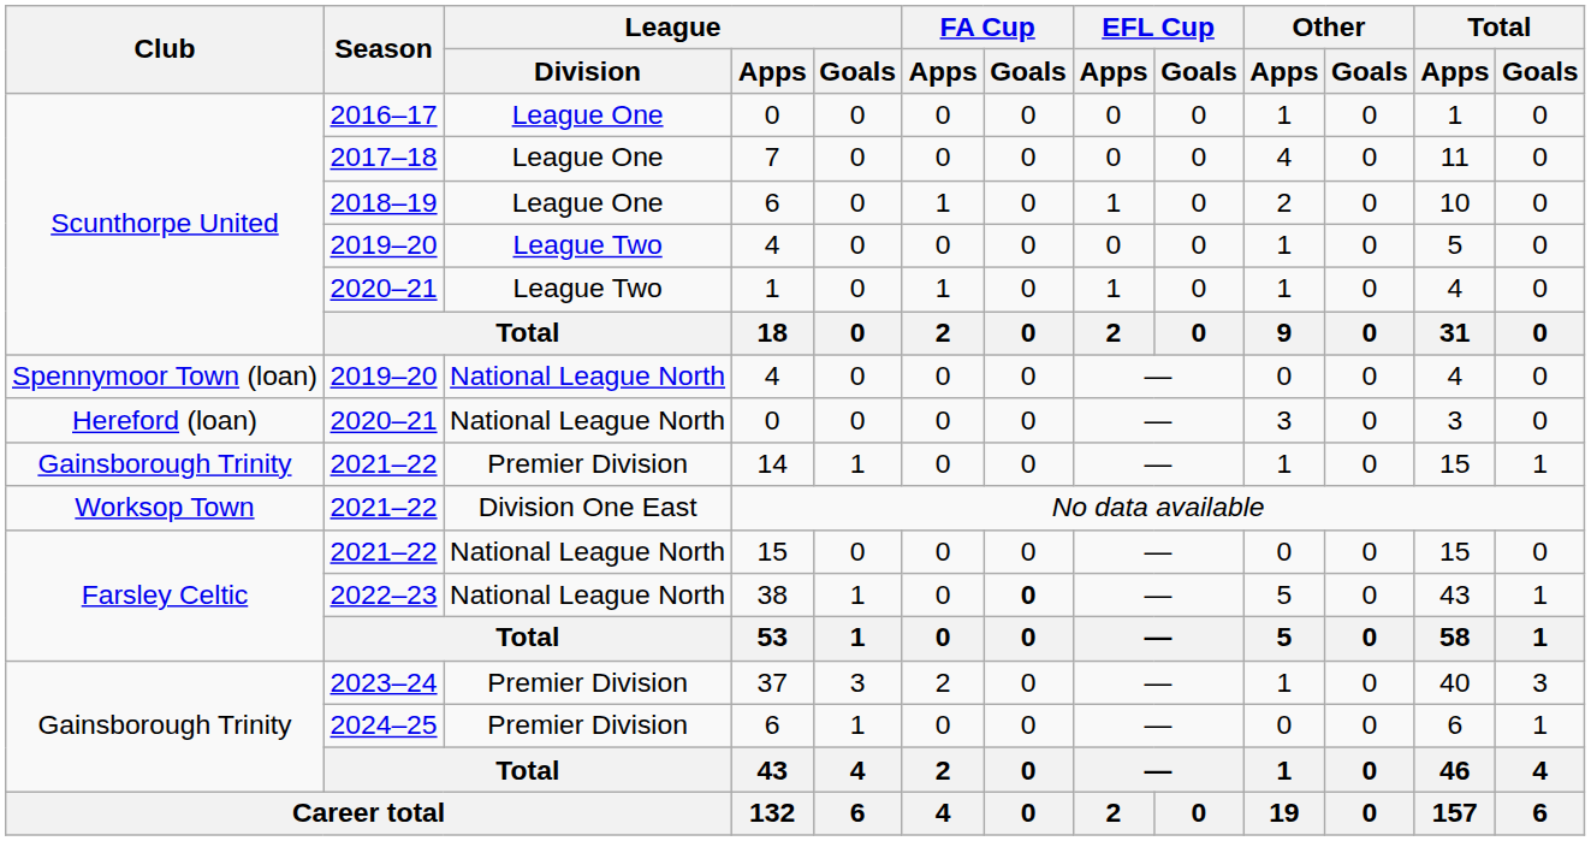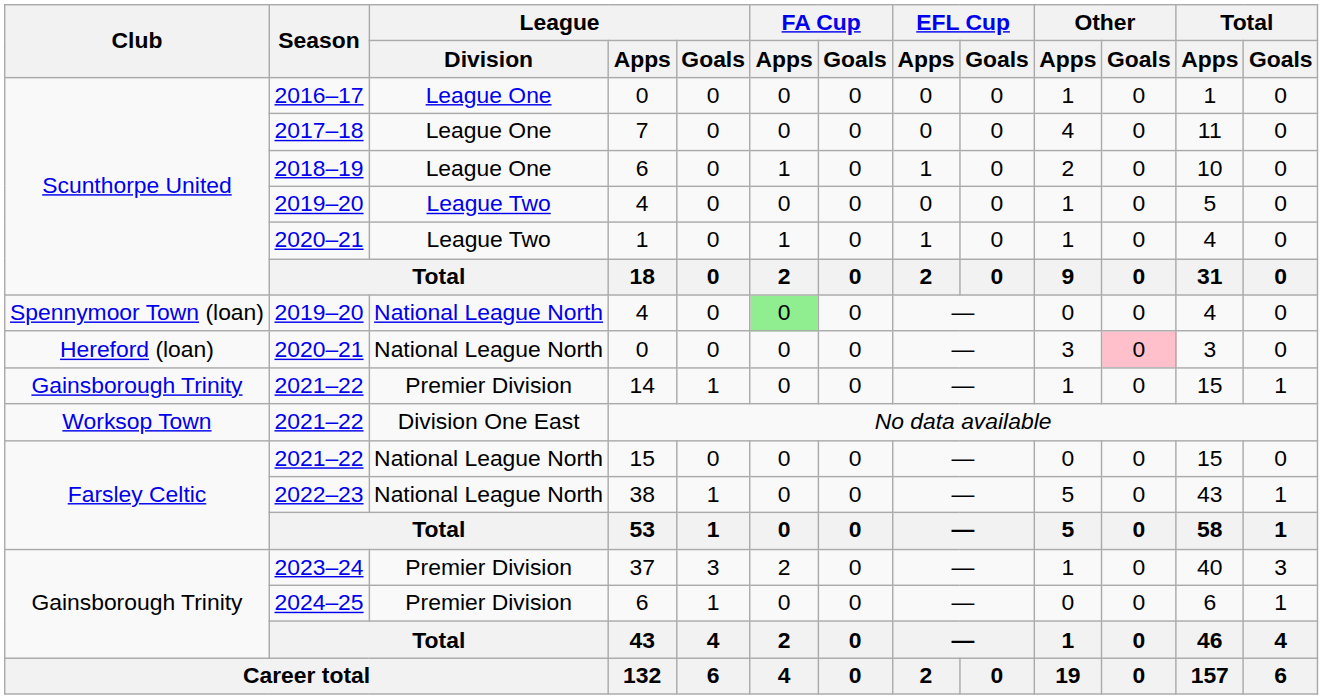 <table class="wikitable" style="text-align: center;">
 <tr>
 <th rowspan="2">Club</th>
 <th rowspan="2">Season</th>
 <th colspan="3">League</th>
 <th colspan="2"><a href='#'>FA Cup</a></th>
 <th colspan="2"><a href='#'>EFL Cup</a></th>
 <th colspan="2">Other</th>
 <th colspan="2">Total</th>
 </tr>
 <tr>
 <th>Division</th>
 <th>Apps</th>
 <th>Goals</th>
 <th>Apps</th>
 <th>Goals</th>
 <th>Apps</th>
 <th>Goals</th>
 <th>Apps</th>
 <th>Goals</th>
 <th>Apps</th>
 <th>Goals</th>
 </tr>
 <tr>
 <td rowspan=6><a href='#'>Scunthorpe United</a></td>
 <td><a href='#'>2016–17</a></td>
 <td><a href='#'>League One</a></td>
 <td>0</td>
 <td>0</td>
 <td>0</td>
 <td>0</td>
 <td>0</td>
 <td>0</td>
 <td>1</td>
 <td>0</td>
 <td>1</td>
 <td>0</td>
 </tr>
 <tr>
 <td><a href='#'>2017–18</a></td>
 <td>League One</td>
 <td>7</td>
 <td>0</td>
 <td>0</td>
 <td>0</td>
 <td>0</td>
 <td>0</td>
 <td>4</td>
 <td>0</td>
 <td>11</td>
 <td>0</td>
 </tr>
 <tr>
 <td><a href='#'>2018–19</a></td>
 <td>League One</td>
 <td>6</td>
 <td>0</td>
 <td>1</td>
 <td>0</td>
 <td>1</td>
 <td>0</td>
 <td>2</td>
 <td>0</td>
 <td>10</td>
 <td>0</td>
 </tr>
 <tr>
 <td><a href='#'>2019–20</a></td>
 <td><a href='#'>League Two</a></td>
 <td>4</td>
 <td>0</td>
 <td>0</td>
 <td>0</td>
 <td>0</td>
 <td>0</td>
 <td>1</td>
 <td>0</td>
 <td>5</td>
 <td>0</td>
 </tr>
 <tr>
 <td><a href='#'>2020–21</a></td>
 <td>League Two</td>
 <td>1</td>
 <td>0</td>
 <td>1</td>
 <td>0</td>
 <td>1</td>
 <td>0</td>
 <td>1</td>
 <td>0</td>
 <td>4</td>
 <td>0</td>
 </tr>
 <tr>
 <th colspan="2">Total</th>
 <th>18</th>
 <th>0</th>
 <th>2</th>
 <th>0</th>
 <th>2</th>
 <th>0</th>
 <th>9</th>
 <th>0</th>
 <th>31</th>
 <th>0</th>
 </tr>
 <tr>
 <td><a href='#'>Spennymoor Town</a> (loan)</td>
 <td><a href='#'>2019–20</a></td>
 <td><a href='#'>National League North</a></td>
 <td>4</td>
 <td>0</td>
-<td>0</td>
+<td style="background: lightgreen;">0</td>
 <td>0</td>
 <td colspan="2">—</td>
 <td>0</td>
 <td>0</td>
 <td>4</td>
 <td>0</td>
 </tr>
 <tr>
 <td><a href='#'>Hereford</a> (loan)</td>
 <td><a href='#'>2020–21</a></td>
 <td>National League North</td>
 <td>0</td>
 <td>0</td>
 <td>0</td>
 <td>0</td>
 <td colspan="2">—</td>
 <td>3</td>
-<td>0</td>
+<td style="background: pink;">0</td>
 <td>3</td>
 <td>0</td>
 </tr>
 <tr>
 <td><a href='#'>Gainsborough Trinity</a></td>
 <td><a href='#'>2021–22</a></td>
 <td><a href='#'></a> Premier Division</td>
 <td>14</td>
 <td>1</td>
 <td>0</td>
 <td>0</td>
 <td colspan="2">—</td>
 <td>1</td>
 <td>0</td>
 <td>15</td>
 <td>1</td>
 </tr>
 <tr>
 <td><a href='#'>Worksop Town</a></td>
 <td><a href='#'>2021–22</a></td>
 <td> Division One East</td>
 <td colspan="10"><em>No data available</em></td>
 </tr>
 <tr>
 <td rowspan="3"><a href='#'>Farsley Celtic</a></td>
 <td><a href='#'>2021–22</a></td>
 <td>National League North</td>
 <td>15</td>
 <td>0</td>
 <td>0</td>
 <td>0</td>
 <td colspan="2">—</td>
 <td>0</td>
 <td>0</td>
 <td>15</td>
 <td>0</td>
 </tr>
 <tr>
 <td><a href='#'>2022–23</a></td>
 <td>National League North</td>
 <td>38</td>
 <td>1</td>
 <td>0</td>
-<td><strong>0</strong></td>
+<td>0</td>
 <td colspan="2">—</td>
 <td>5</td>
 <td>0</td>
 <td>43</td>
 <td>1</td>
 </tr>
 <tr>
 <th colspan="2">Total</th>
 <th>53</th>
 <th>1</th>
 <th>0</th>
 <th>0</th>
 <th colspan="2">—</th>
 <th>5</th>
 <th>0</th>
 <th>58</th>
 <th>1</th>
 </tr>
 <tr>
 <td rowspan="3">Gainsborough Trinity</td>
 <td><a href='#'>2023–24</a></td>
 <td> Premier Division</td>
 <td>37</td>
 <td>3</td>
 <td>2</td>
 <td>0</td>
 <td colspan="2">—</td>
 <td>1</td>
 <td>0</td>
 <td>40</td>
 <td>3</td>
 </tr>
 <tr>
 <td><a href='#'>2024–25</a></td>
 <td> Premier Division</td>
 <td>6</td>
 <td>1</td>
 <td>0</td>
 <td>0</td>
 <td colspan="2">—</td>
 <td>0</td>
 <td>0</td>
 <td>6</td>
 <td>1</td>
 </tr>
 <tr>
 <th colspan="2">Total</th>
 <th>43</th>
 <th>4</th>
 <th>2</th>
 <th>0</th>
 <th colspan="2">—</th>
 <th>1</th>
 <th>0</th>
 <th>46</th>
 <th>4</th>
 </tr>
 <tr>
 <th colspan="3">Career total</th>
 <th>132</th>
 <th>6</th>
 <th>4</th>
 <th>0</th>
 <th>2</th>
 <th>0</th>
 <th>19</th>
 <th>0</th>
 <th>157</th>
 <th>6</th>
 </tr>
 </table>
